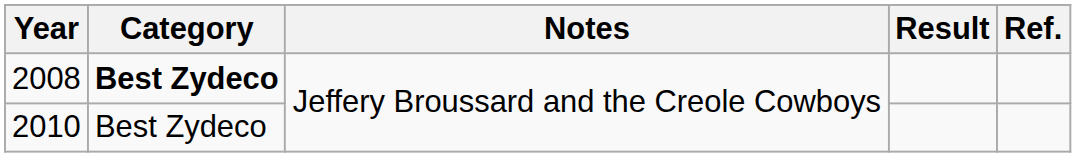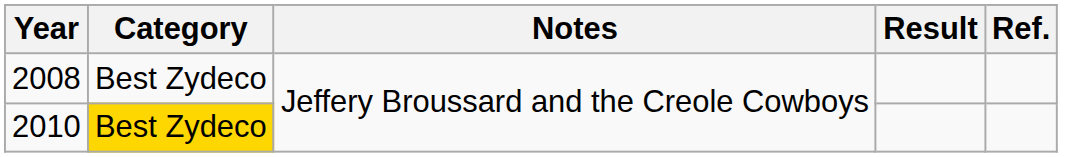 <table class="wikitable">
 <tr>
 <th>Year</th>
 <th>Category</th>
 <th>Notes</th>
 <th>Result</th>
 <th>Ref.</th>
 </tr>
 <tr>
 <td>2008</td>
-<td><strong>Best Zydeco</strong></td>
+<td>Best Zydeco</td>
 <td rowspan="2">Jeffery Broussard and the Creole Cowboys</td>
 <td></td>
 <td></td>
 </tr>
 <tr>
 <td>2010</td>
-<td>Best Zydeco</td>
+<td style="background: gold;">Best Zydeco</td>
 <td></td>
 <td></td>
 </tr>
 </table>
